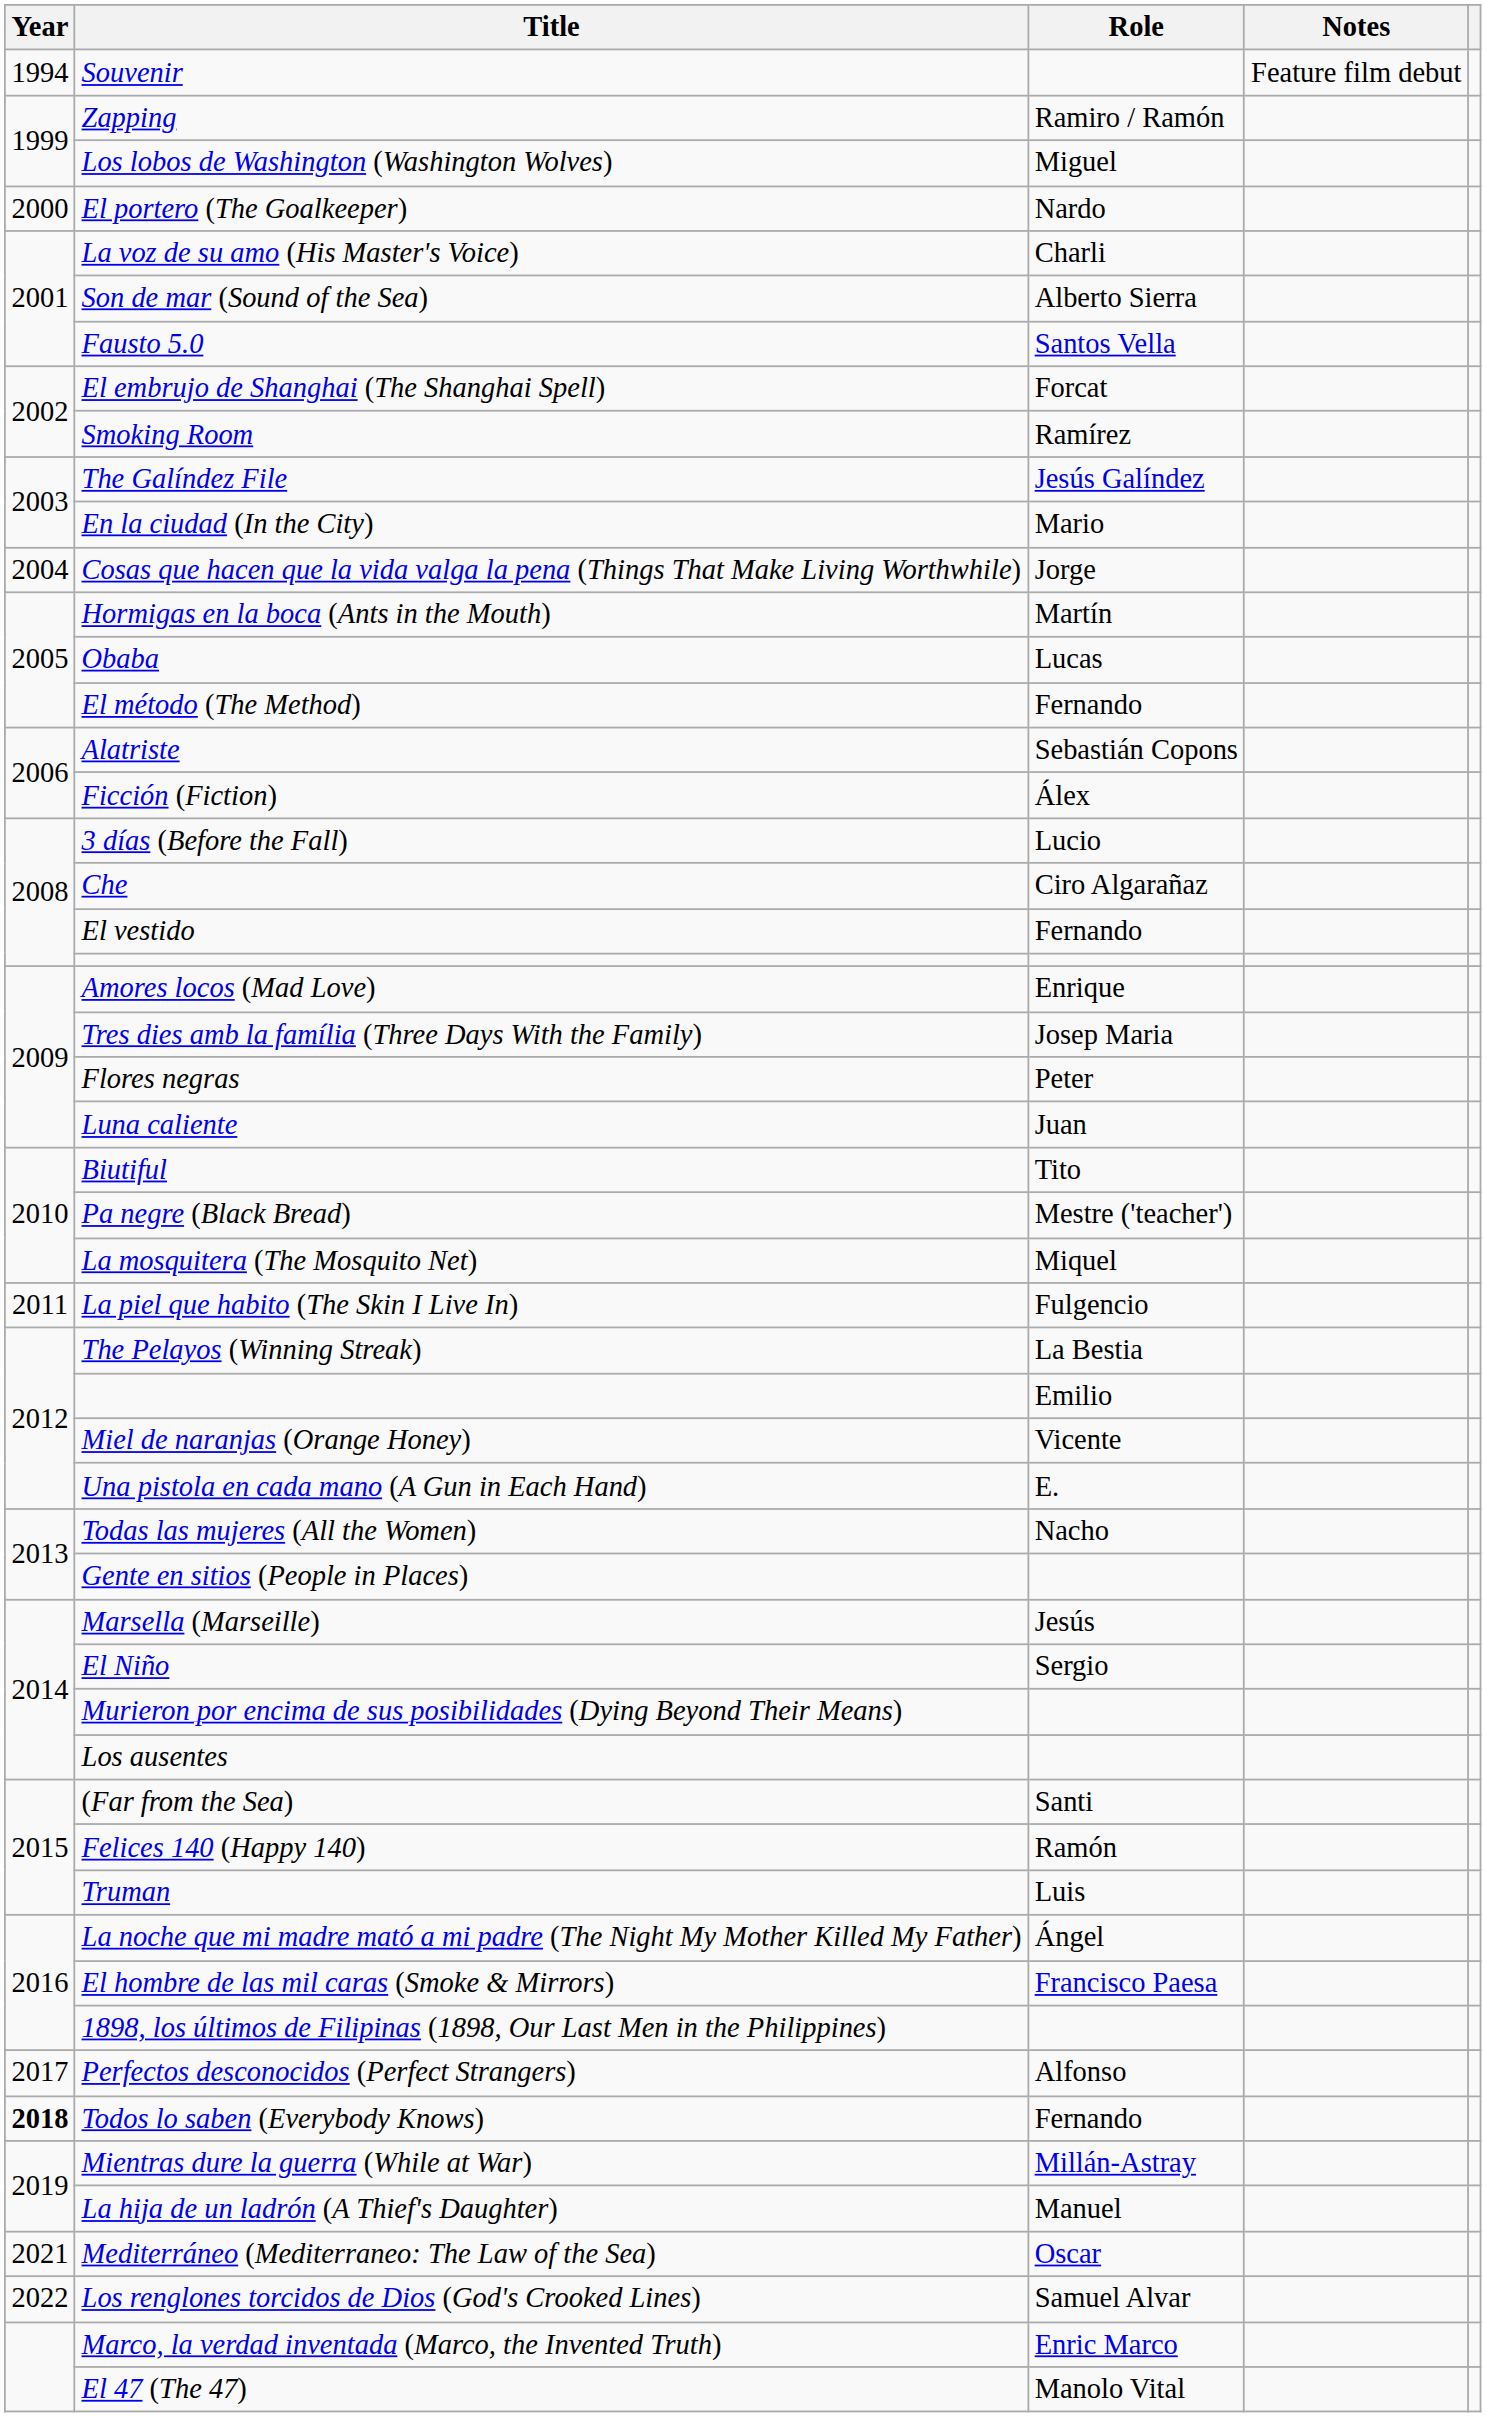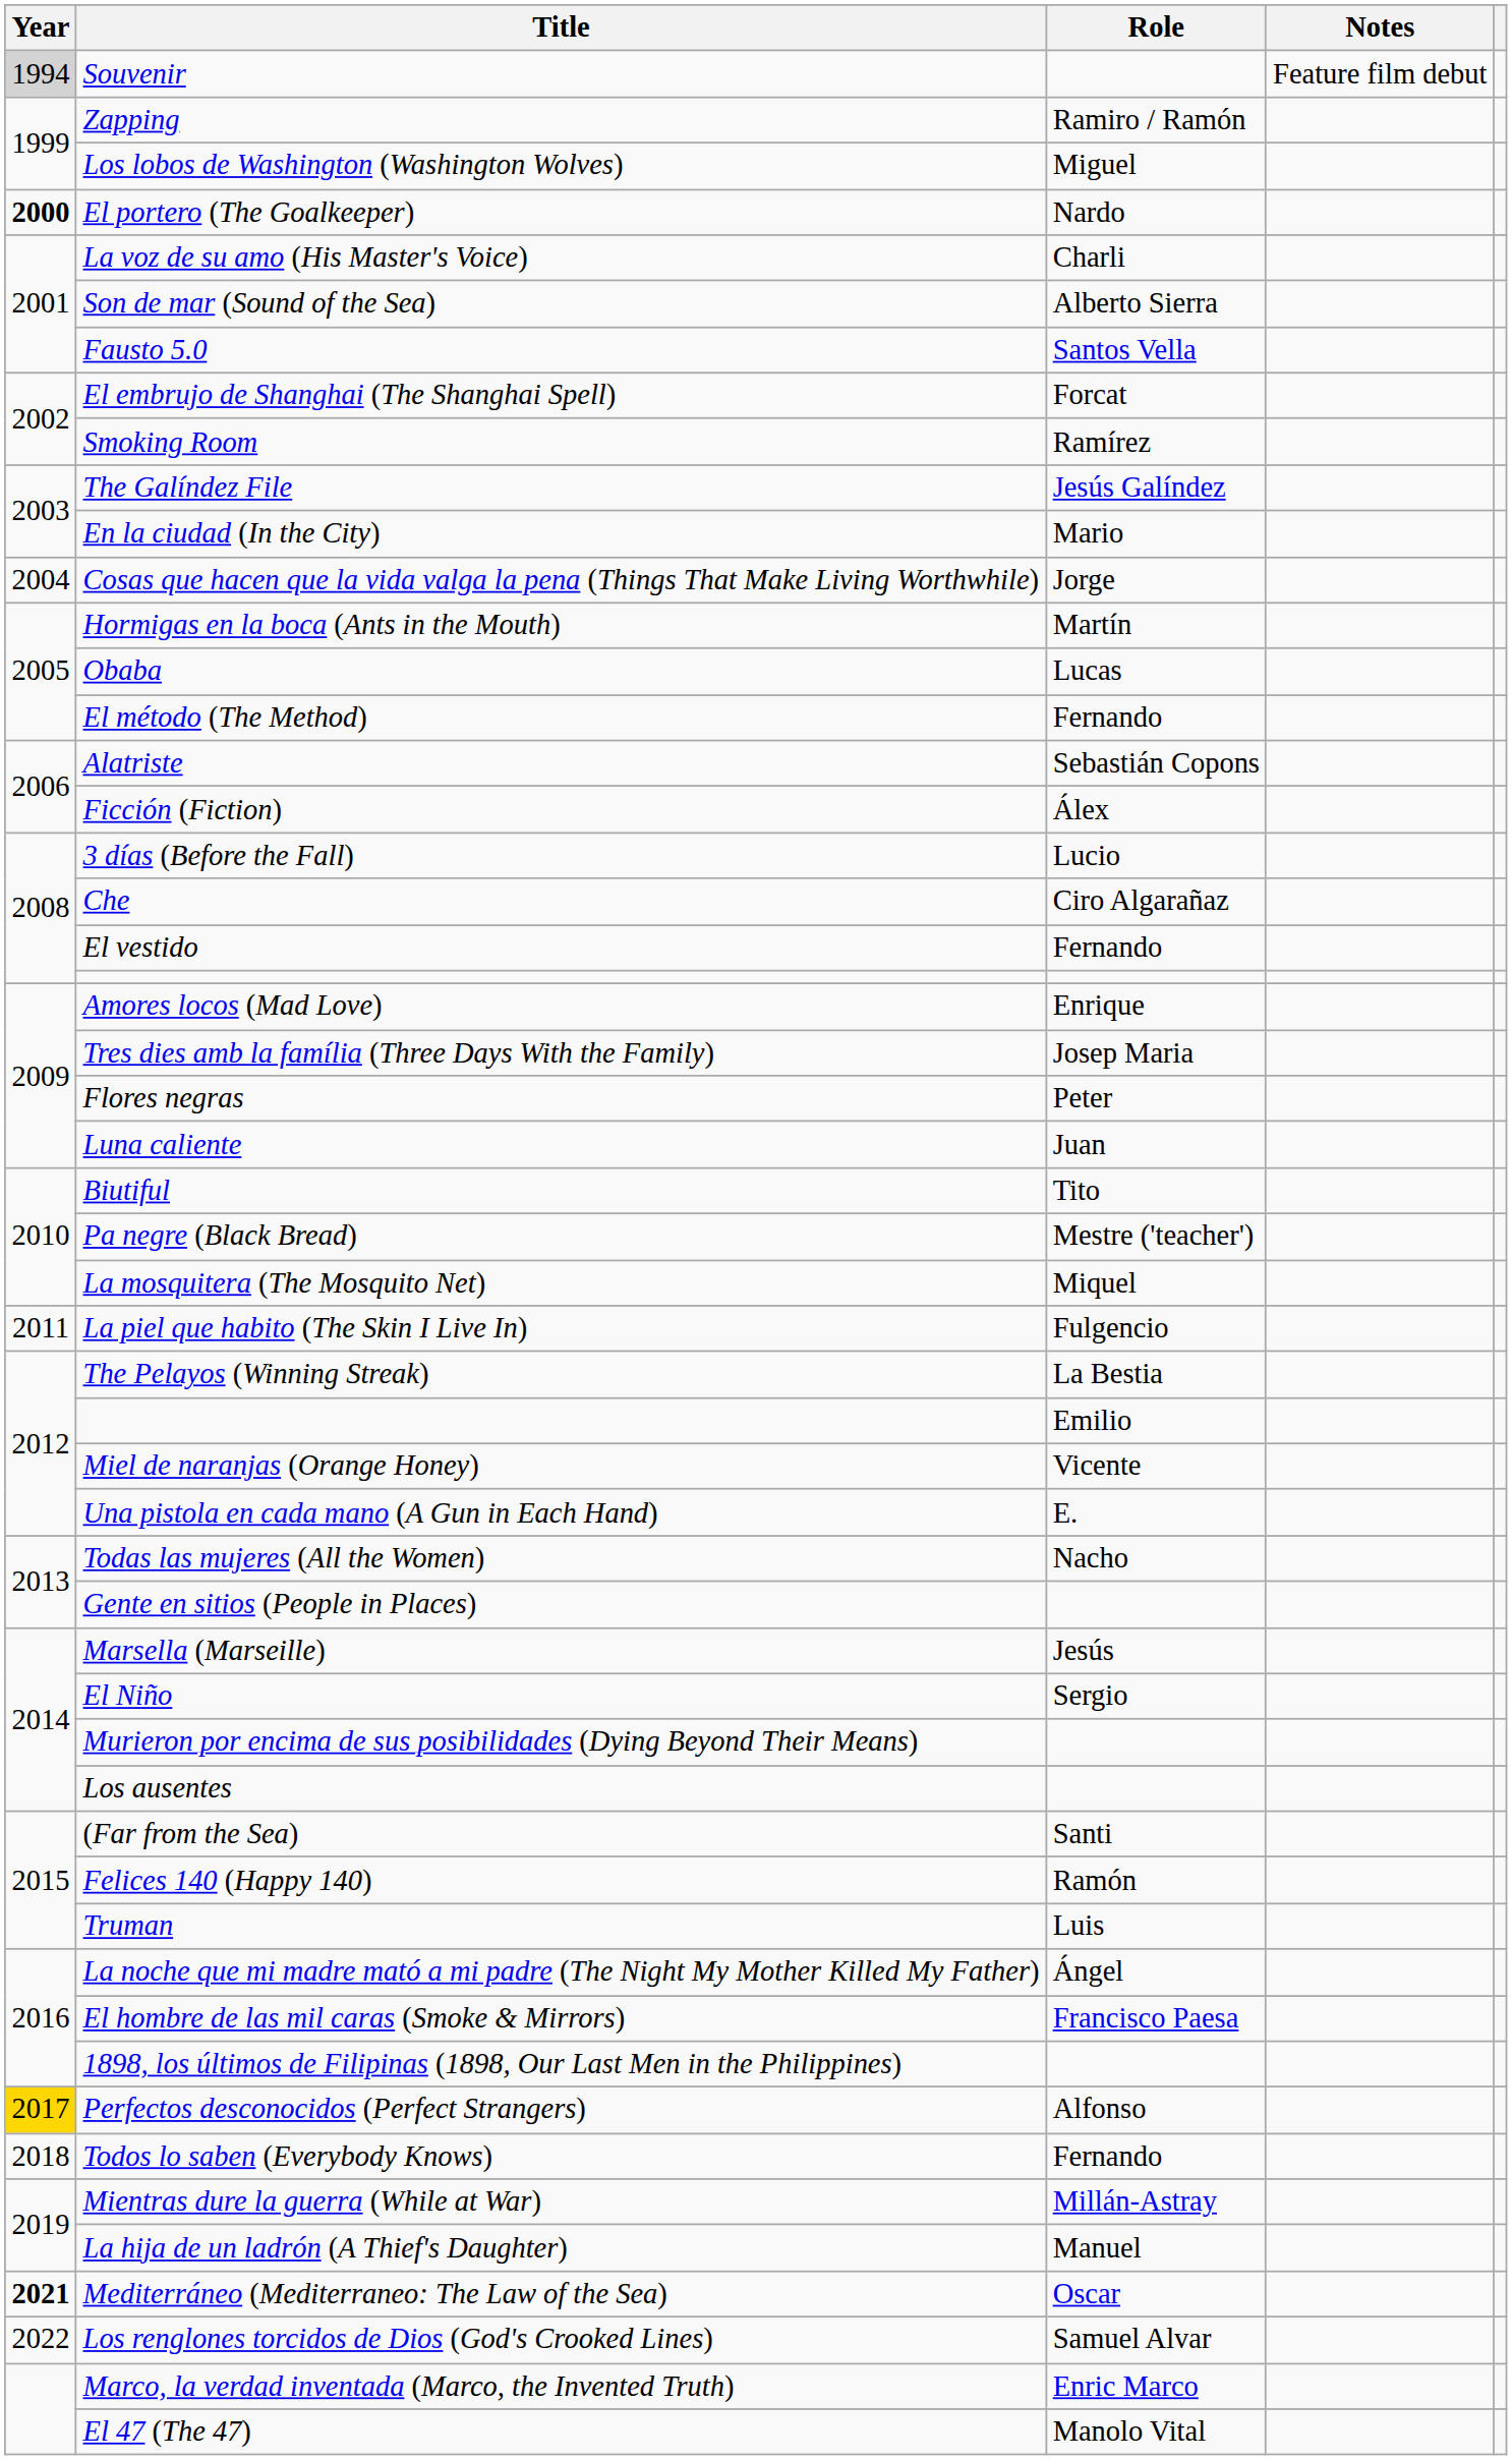 <table class="wikitable sortable">
 <tr>
 <th>Year</th>
 <th>Title</th>
 <th>Role</th>
 <th class="unsortable">Notes</th>
 <th></th>
 </tr>
 <tr>
-<td align = "center">1994</td>
+<td align = "center" style="background: lightgrey;">1994</td>
 <td><em><a href='#'>Souvenir</a></em></td>
 <td></td>
 <td>Feature film debut</td>
 <td align = "center"></td>
 </tr>
 <tr>
 <td rowspan = "2" align = "center">1999</td>
 <td><em><a href='#'>Zapping</a></em></td>
 <td>Ramiro / Ramón</td>
 <td></td>
 <td align = "center"></td>
 </tr>
 <tr>
 <td><em><a href='#'>Los lobos de Washington</a></em> (<em>Washington Wolves</em>)</td>
 <td>Miguel</td>
 <td></td>
 <td align = "center"></td>
 </tr>
 <tr>
-<td align = "center">2000</td>
+<td align = "center"><strong>2000</strong></td>
 <td><em><a href='#'>El portero</a></em> (<em>The Goalkeeper</em>)</td>
 <td>Nardo</td>
 <td></td>
 <td align = "center"></td>
 </tr>
 <tr>
 <td rowspan = "3" align = "center">2001</td>
 <td><em><a href='#'>La voz de su amo</a></em> (<em>His Master's Voice</em>)</td>
 <td>Charli</td>
 <td></td>
 <td align = "center"></td>
 </tr>
 <tr>
 <td><em><a href='#'>Son de mar</a></em> (<em>Sound of the Sea</em>)</td>
 <td>Alberto Sierra</td>
 <td></td>
 <td align = "center"></td>
 </tr>
 <tr>
 <td><em><a href='#'>Fausto 5.0</a></em></td>
 <td><a href='#'>Santos Vella</a></td>
 <td></td>
 <td align = "center"></td>
 </tr>
 <tr>
 <td rowspan = "2" align = "center">2002</td>
 <td><em><a href='#'>El embrujo de Shanghai</a></em> (<em>The Shanghai Spell</em>)</td>
 <td>Forcat</td>
 <td></td>
 <td align = "center"></td>
 </tr>
 <tr>
 <td><em><a href='#'>Smoking Room</a></em></td>
 <td>Ramírez</td>
 <td></td>
 <td align = "center"></td>
 </tr>
 <tr>
 <td rowspan = "2" align = "center">2003</td>
 <td><em><a href='#'>The Galíndez File</a></em></td>
 <td><a href='#'>Jesús Galíndez</a></td>
 <td></td>
 <td align = "center"></td>
 </tr>
 <tr>
 <td><em><a href='#'>En la ciudad</a></em> (<em>In the City</em>)</td>
 <td>Mario</td>
 <td></td>
 <td align = "center"></td>
 </tr>
 <tr>
 <td align = "center">2004</td>
 <td><em><a href='#'>Cosas que hacen que la vida valga la pena</a></em> (<em>Things That Make Living Worthwhile</em>)</td>
 <td>Jorge</td>
 <td></td>
 <td align = "center"></td>
 </tr>
 <tr>
 <td align = "center" rowspan = "3">2005</td>
 <td><em><a href='#'>Hormigas en la boca</a></em> (<em>Ants in the Mouth</em>)</td>
 <td>Martín</td>
 <td></td>
 <td align = "center"></td>
 </tr>
 <tr>
 <td><em><a href='#'>Obaba</a></em></td>
 <td>Lucas</td>
 <td></td>
 <td align = "center"></td>
 </tr>
 <tr>
 <td><em><a href='#'>El método</a></em> (<em>The Method</em>)</td>
 <td>Fernando</td>
 <td></td>
 <td align = "center"></td>
 </tr>
 <tr>
 <td rowspan = "2" align = "center">2006</td>
 <td><em><a href='#'>Alatriste</a></em></td>
 <td>Sebastián Copons</td>
 <td></td>
 <td align = "center"></td>
 </tr>
 <tr>
 <td><em><a href='#'>Ficción</a></em> (<em>Fiction</em>)</td>
 <td>Álex</td>
 <td></td>
 <td align = "center"></td>
 </tr>
 <tr>
 <td rowspan = "4" align = "center">2008</td>
 <td><em><a href='#'>3 días</a></em> (<em>Before the Fall</em>)</td>
 <td>Lucio</td>
 <td></td>
 <td align = "center"></td>
 </tr>
 <tr>
 <td><em><a href='#'>Che</a></em></td>
 <td>Ciro Algarañaz</td>
 <td></td>
 <td align = "center"></td>
 </tr>
 <tr>
 <td><em>El vestido</em></td>
 <td>Fernando</td>
 <td></td>
 <td align = "center"></td>
 </tr>
 <tr>
 <td><em></em></td>
 <td></td>
 <td></td>
 <td align = "center"></td>
 </tr>
 <tr>
 <td rowspan = "4" align = "center">2009</td>
 <td><em><a href='#'>Amores locos</a></em> (<em>Mad Love</em>)</td>
 <td>Enrique</td>
 <td></td>
 <td align = "center"></td>
 </tr>
 <tr>
 <td><em><a href='#'>Tres dies amb la família</a></em> (<em>Three Days With the Family</em>)</td>
 <td>Josep Maria</td>
 <td></td>
 <td align = "center"></td>
 </tr>
 <tr>
 <td><em>Flores negras</em></td>
 <td>Peter</td>
 <td></td>
 <td align = "center"></td>
 </tr>
 <tr>
 <td><em><a href='#'>Luna caliente</a></em></td>
 <td>Juan</td>
 <td></td>
 <td align = "center"></td>
 </tr>
 <tr>
 <td rowspan = "3" align = "center">2010</td>
 <td><em><a href='#'>Biutiful</a></em></td>
 <td>Tito</td>
 <td></td>
 <td align = "center"></td>
 </tr>
 <tr>
 <td><em><a href='#'>Pa negre</a></em> (<em>Black Bread</em>)</td>
 <td>Mestre ('teacher')</td>
 <td></td>
 <td align = "center"></td>
 </tr>
 <tr>
 <td><em><a href='#'>La mosquitera</a></em> (<em>The Mosquito Net</em>)</td>
 <td>Miquel</td>
 <td></td>
 <td align = "center"></td>
 </tr>
 <tr>
 <td align = "center">2011</td>
 <td><em><a href='#'>La piel que habito</a></em> (<em>The Skin I Live In</em>)</td>
 <td>Fulgencio</td>
 <td></td>
 <td align = "center"></td>
 </tr>
 <tr>
 <td rowspan = "4" align = "center">2012</td>
 <td><em><a href='#'>The Pelayos</a></em> (<em>Winning Streak</em>)</td>
 <td>La Bestia</td>
 <td></td>
 <td align = "center"></td>
 </tr>
 <tr>
 <td><em></em></td>
 <td>Emilio</td>
 <td></td>
 <td align = "center"></td>
 </tr>
 <tr>
 <td><em><a href='#'>Miel de naranjas</a></em> (<em>Orange Honey</em>)</td>
 <td>Vicente</td>
 <td></td>
 <td align = "center"></td>
 </tr>
 <tr>
 <td><em><a href='#'>Una pistola en cada mano</a></em> (<em>A Gun in Each Hand</em>)</td>
 <td>E.</td>
 <td></td>
 <td align = "center"></td>
 </tr>
 <tr>
 <td align = "center" rowspan = "2">2013</td>
 <td><em><a href='#'>Todas las mujeres</a></em> (<em>All the Women</em>)</td>
 <td>Nacho</td>
 <td></td>
 <td align = "center"></td>
 </tr>
 <tr>
 <td><em><a href='#'>Gente en sitios</a></em> (<em>People in Places</em>)</td>
 <td></td>
 <td></td>
 <td align = "center"></td>
 </tr>
 <tr>
 <td rowspan = "4" align = "center">2014</td>
 <td><em><a href='#'>Marsella</a></em> (<em>Marseille</em>)</td>
 <td>Jesús</td>
 <td></td>
 <td align = "center"></td>
 </tr>
 <tr>
 <td><em><a href='#'>El Niño</a></em></td>
 <td>Sergio</td>
 <td></td>
 <td align = "center"></td>
 </tr>
 <tr>
 <td><em><a href='#'>Murieron por encima de sus posibilidades</a></em> (<em>Dying Beyond Their Means</em>)</td>
 <td></td>
 <td></td>
 <td align = "center"></td>
 </tr>
 <tr>
 <td><em>Los ausentes</em></td>
 <td></td>
 <td></td>
 <td align = "center"></td>
 </tr>
 <tr>
 <td align = "center" rowspan = "3">2015</td>
 <td><em></em> (<em>Far from the Sea</em>)</td>
 <td>Santi</td>
 <td></td>
 <td align = "center"></td>
 </tr>
 <tr>
 <td><em><a href='#'>Felices 140</a></em> (<em>Happy 140</em>)</td>
 <td>Ramón</td>
 <td></td>
 <td align = "center"></td>
 </tr>
 <tr>
 <td><em><a href='#'>Truman</a></em></td>
 <td>Luis</td>
 <td></td>
 <td align = "center"></td>
 </tr>
 <tr>
 <td rowspan = "3" align = "center">2016</td>
 <td><em><a href='#'>La noche que mi madre mató a mi padre</a></em> (<em>The Night My Mother Killed My Father</em>)</td>
 <td>Ángel</td>
 <td></td>
 <td align = "center"></td>
 </tr>
 <tr>
 <td><em><a href='#'>El hombre de las mil caras</a></em> (<em>Smoke & Mirrors</em>)</td>
 <td><a href='#'>Francisco Paesa</a></td>
 <td></td>
 <td align = "center"></td>
 </tr>
 <tr>
 <td><em><a href='#'>1898, los últimos de Filipinas</a></em> (<em>1898, Our Last Men in the Philippines</em>)</td>
 <td></td>
 <td></td>
 <td align = "center"></td>
 </tr>
 <tr>
-<td align = "center">2017</td>
+<td align = "center" style="background: gold;">2017</td>
 <td><em><a href='#'>Perfectos desconocidos</a></em> (<em>Perfect Strangers</em>)</td>
 <td>Alfonso</td>
 <td></td>
 <td align = "center"></td>
 </tr>
 <tr>
-<td align = "center"><strong>2018</strong></td>
+<td align = "center">2018</td>
 <td><em><a href='#'>Todos lo saben</a></em> (<em>Everybody Knows</em>)</td>
 <td>Fernando</td>
 <td></td>
 <td align = "center"></td>
 </tr>
 <tr>
 <td align = "center" rowspan = "2">2019</td>
 <td><em><a href='#'>Mientras dure la guerra</a></em> (<em>While at War</em>)</td>
 <td><a href='#'>Millán-Astray</a></td>
 <td></td>
 <td align = "center"></td>
 </tr>
 <tr>
 <td><em><a href='#'>La hija de un ladrón</a></em> (<em>A Thief's Daughter</em>)</td>
 <td>Manuel</td>
 <td></td>
 <td align = "center"></td>
 </tr>
 <tr>
-<td align = "center">2021</td>
+<td align = "center"><strong>2021</strong></td>
 <td><em><a href='#'>Mediterráneo</a></em> (<em>Mediterraneo: The Law of the Sea</em>)</td>
 <td><a href='#'>Oscar</a></td>
 <td></td>
 <td align = "center"></td>
 </tr>
 <tr>
 <td align = "center">2022</td>
 <td><em><a href='#'>Los renglones torcidos de Dios</a></em> (<em>God's Crooked Lines</em>)</td>
 <td>Samuel Alvar</td>
 <td></td>
 <td align = "center"></td>
 </tr>
 <tr>
 <td rowspan = "2"></td>
 <td><em><a href='#'>Marco, la verdad inventada</a></em> (<em>Marco, the Invented Truth</em>)</td>
 <td><a href='#'>Enric Marco</a></td>
 <td></td>
 <td align = "center"></td>
 </tr>
 <tr>
 <td><em><a href='#'>El 47</a></em> (<em>The 47</em>)</td>
 <td>Manolo Vital</td>
 <td></td>
 <td align = "center"></td>
 </tr>
 </table>
